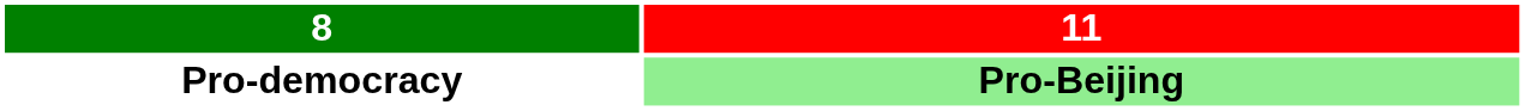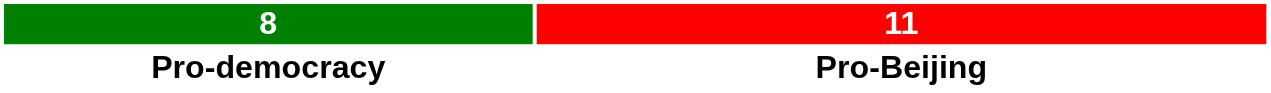 <table style="width:50%; text-align:center;">
 <tr style="color:white;">
 <td style="background:green; width:42%;"><strong>8</strong></td>
 <td style="background:red; width:58%;"><strong>11</strong></td>
 </tr>
 <tr>
 <td><span><strong>Pro-democracy</strong></span></td>
-<td style="background: lightgreen;"><span><strong>Pro-Beijing</strong></span></td>
+<td><span><strong>Pro-Beijing</strong></span></td>
 </tr>
 </table>
